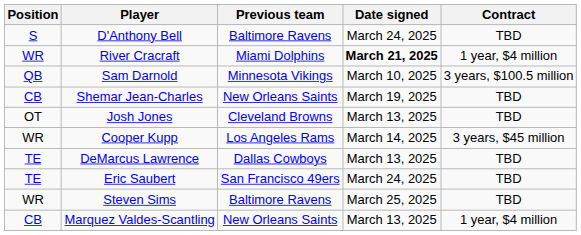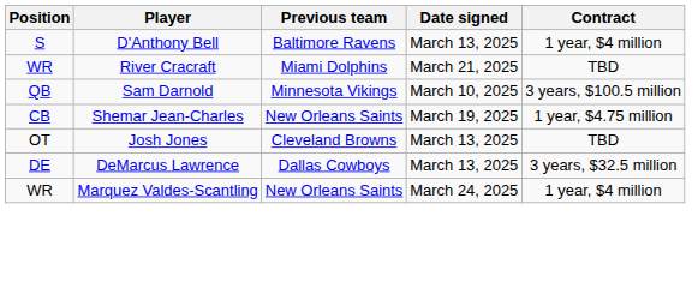 <table class="wikitable" style="text-align:center">
 <tr>
 <th>Position</th>
 <th>Player</th>
 <th>Previous team</th>
 <th>Date signed</th>
 <th>Contract</th>
 </tr>
 <tr>
 <td><a href='#'>S</a></td>
 <td><a href='#'>D'Anthony Bell</a></td>
 <td><a href='#'>Baltimore Ravens</a></td>
-<td>March 24, 2025</td>
-<td>TBD</td>
+<td>March 13, 2025</td>
+<td>1 year, $4 million</td>
 </tr>
 <tr>
 <td><a href='#'>WR</a></td>
 <td><a href='#'>River Cracraft</a></td>
 <td><a href='#'>Miami Dolphins</a></td>
-<td><strong>March 21, 2025</strong></td>
-<td>1 year, $4 million</td>
+<td>March 21, 2025</td>
+<td>TBD</td>
 </tr>
 <tr>
 <td><a href='#'>QB</a></td>
 <td><a href='#'>Sam Darnold</a></td>
 <td><a href='#'>Minnesota Vikings</a></td>
 <td>March 10, 2025</td>
 <td>3 years, $100.5 million</td>
 </tr>
 <tr>
 <td><a href='#'>CB</a></td>
 <td><a href='#'>Shemar Jean-Charles</a></td>
 <td><a href='#'>New Orleans Saints</a></td>
 <td>March 19, 2025</td>
-<td>TBD</td>
+<td>1 year, $4.75 million</td>
 </tr>
 <tr>
 <td>OT</td>
 <td><a href='#'>Josh Jones</a></td>
 <td><a href='#'>Cleveland Browns</a></td>
 <td>March 13, 2025</td>
 <td>TBD</td>
 </tr>
 <tr>
-<td>WR</td>
-<td><a href='#'>Cooper Kupp</a></td>
-<td><a href='#'>Los Angeles Rams</a></td>
-<td>March 14, 2025</td>
-<td>3 years, $45 million</td>
-</tr>
-<tr>
-<td><a href='#'>TE</a></td>
+<td><a href='#'>DE</a></td>
 <td><a href='#'>DeMarcus Lawrence</a></td>
 <td><a href='#'>Dallas Cowboys</a></td>
 <td>March 13, 2025</td>
-<td>TBD</td>
-</tr>
-<tr>
-<td><a href='#'>TE</a></td>
-<td><a href='#'>Eric Saubert</a></td>
-<td><a href='#'>San Francisco 49ers</a></td>
-<td>March 24, 2025</td>
-<td>TBD</td>
+<td>3 years, $32.5 million</td>
 </tr>
 <tr>
 <td>WR</td>
-<td><a href='#'>Steven Sims</a></td>
-<td><a href='#'>Baltimore Ravens</a></td>
-<td>March 25, 2025</td>
-<td>TBD</td>
-</tr>
-<tr>
-<td><a href='#'>CB</a></td>
 <td><a href='#'>Marquez Valdes-Scantling</a></td>
 <td><a href='#'>New Orleans Saints</a></td>
-<td>March 13, 2025</td>
+<td>March 24, 2025</td>
 <td>1 year, $4 million</td>
 </tr>
 </table>
